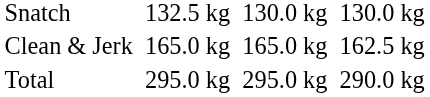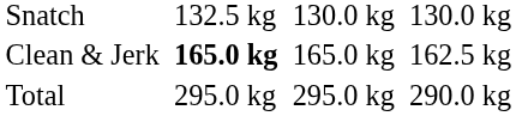 <table>
 <tr>
 <td>Snatch</td>
 <td></td>
 <td>132.5 kg</td>
 <td></td>
 <td>130.0 kg</td>
 <td></td>
 <td>130.0 kg</td>
 </tr>
 <tr>
 <td>Clean & Jerk</td>
 <td></td>
-<td>165.0 kg</td>
+<td><strong>165.0 kg</strong></td>
 <td></td>
 <td>165.0 kg</td>
 <td></td>
 <td>162.5 kg</td>
 </tr>
 <tr>
 <td>Total</td>
 <td></td>
 <td>295.0 kg</td>
 <td></td>
 <td>295.0 kg</td>
 <td></td>
 <td>290.0 kg</td>
 </tr>
 </table>
